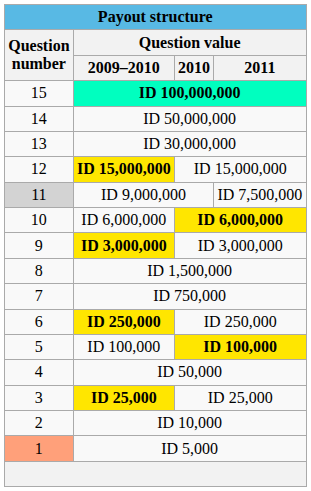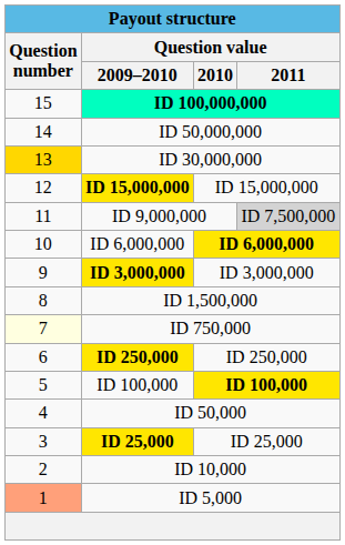 <table class="wikitable" style="text-align:center;">
 <tr>
 <th colspan="4" style="background: #58B9E4">Payout structure</th>
 </tr>
 <tr>
 <th rowspan="2">Question<br>number</th>
 <th colspan="3">Question value</th>
 </tr>
 <tr>
 <th>2009–2010</th>
 <th>2010</th>
 <th>2011</th>
 </tr>
 <tr>
 <td>15</td>
 <td colspan="3" style="background: #00FFBF"><strong>ID 100,000,000</strong></td>
 </tr>
 <tr>
 <td>14</td>
 <td colspan="3">ID 50,000,000</td>
 </tr>
 <tr>
-<td>13</td>
+<td style="background: gold;">13</td>
 <td colspan="3">ID 30,000,000</td>
 </tr>
 <tr>
 <td>12</td>
 <td style="background: #FFE600"><strong>ID 15,000,000</strong></td>
 <td colspan="2">ID 15,000,000</td>
 </tr>
 <tr>
-<td style="background: lightgrey;">11</td>
+<td>11</td>
 <td colspan="2">ID 9,000,000</td>
-<td>ID 7,500,000</td>
+<td style="background: lightgrey;">ID 7,500,000</td>
 </tr>
 <tr>
 <td>10</td>
 <td>ID 6,000,000</td>
 <td colspan="2" style="background: #FFE600"><strong>ID 6,000,000</strong></td>
 </tr>
 <tr>
 <td>9</td>
 <td style="background: #FFE600"><strong>ID 3,000,000</strong></td>
 <td colspan="2">ID 3,000,000</td>
 </tr>
 <tr>
 <td>8</td>
 <td colspan="3">ID 1,500,000</td>
 </tr>
 <tr>
-<td>7</td>
+<td style="background: lightyellow;">7</td>
 <td colspan="3">ID 750,000</td>
 </tr>
 <tr>
 <td>6</td>
 <td style="background: #FFE600"><strong>ID 250,000</strong></td>
 <td colspan="2">ID 250,000</td>
 </tr>
 <tr>
 <td>5</td>
 <td>ID 100,000</td>
 <td colspan="2" style="background: #FFE600"><strong>ID 100,000</strong></td>
 </tr>
 <tr>
 <td>4</td>
 <td colspan="3">ID 50,000</td>
 </tr>
 <tr>
 <td>3</td>
 <td style="background: #FFE600"><strong>ID 25,000</strong></td>
 <td colspan="2">ID 25,000</td>
 </tr>
 <tr>
 <td>2</td>
 <td colspan="3">ID 10,000</td>
 </tr>
 <tr>
 <td style="background: lightsalmon;">1</td>
 <td colspan="3">ID 5,000</td>
 </tr>
 <tr>
 <th colspan="4" style="text-align:left"><br></th>
 </tr>
 </table>
